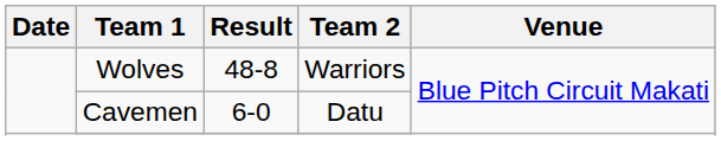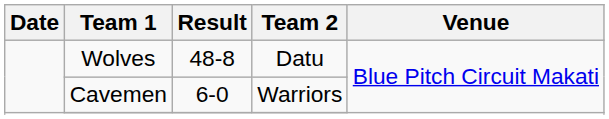 <table class="wikitable" style="text-align: center">
 <tr>
 <th>Date</th>
 <th>Team 1</th>
 <th>Result</th>
 <th>Team 2</th>
 <th>Venue</th>
 </tr>
 <tr>
 <td rowspan=3></td>
 <td>Wolves</td>
 <td>48-8</td>
-<td>Warriors</td>
+<td>Datu</td>
 <td rowspan=3><a href='#'>Blue Pitch Circuit Makati</a></td>
 </tr>
 <tr>
 <td>Cavemen</td>
 <td>6-0</td>
-<td>Datu</td>
+<td>Warriors</td>
 </tr>
 <tr>
 </tr>
 </table>
